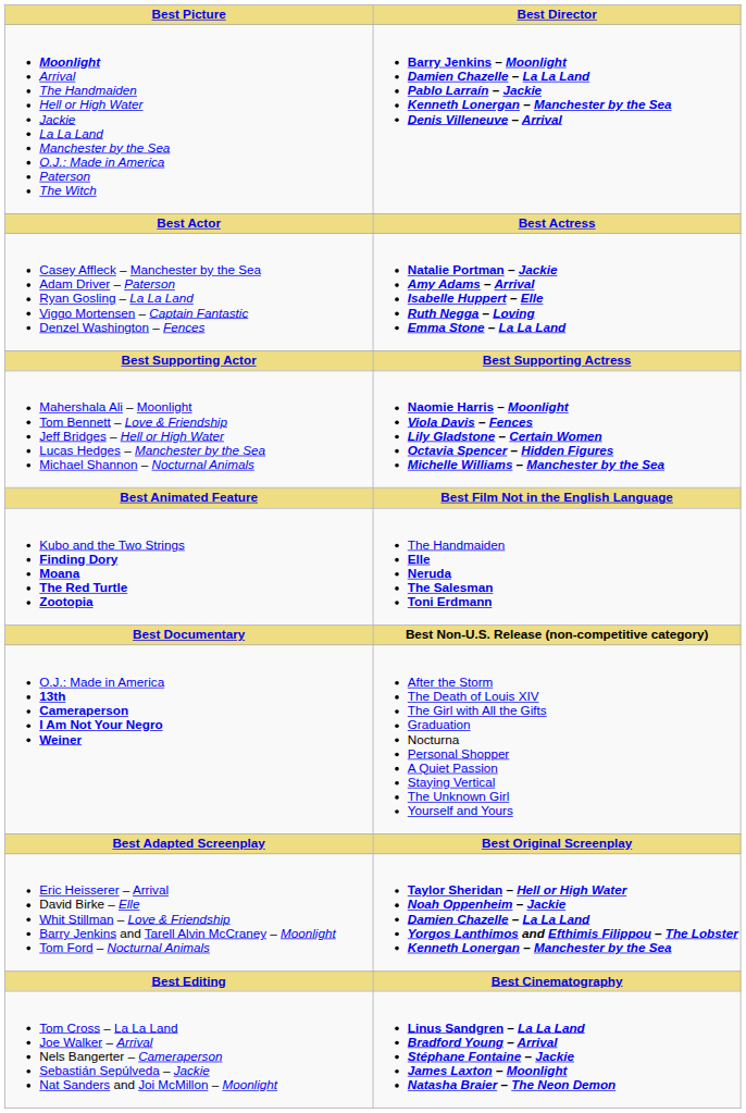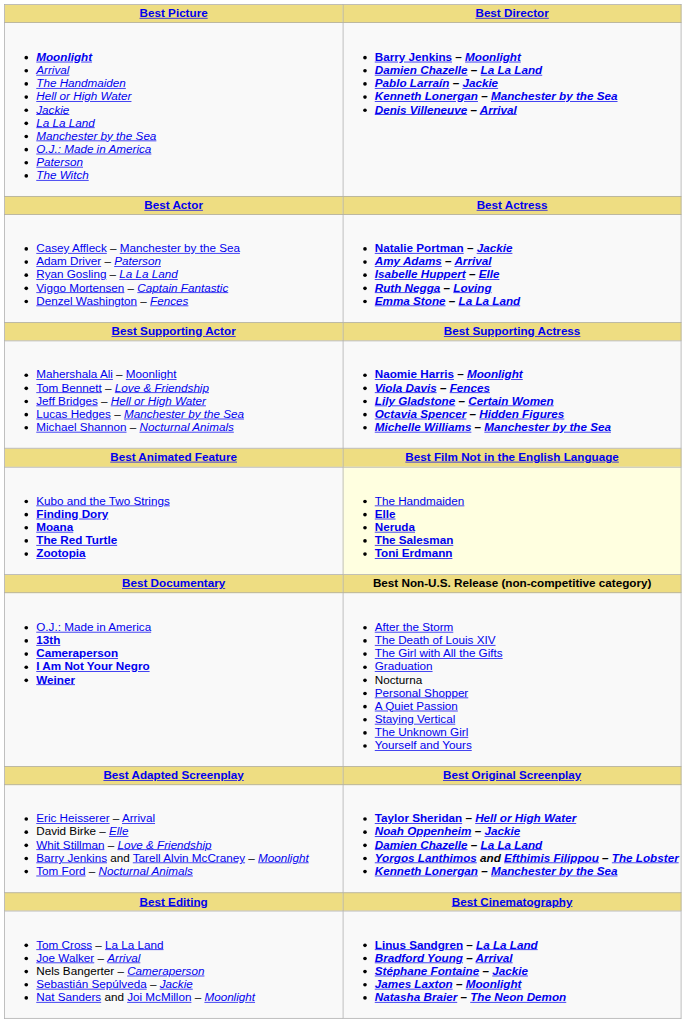 <table class="wikitable">
 <tr>
 <th style="background:#EEDD82; width: 50%"><a href='#'>Best Picture</a></th>
 <th style="background:#EEDD82; width: 50%"><a href='#'>Best Director</a></th>
 </tr>
 <tr>
 <td valign="top"><br><ul><li><strong><em><a href='#'>Moonlight</a></em></strong></li><li><em><a href='#'>Arrival</a></em></li><li><em><a href='#'>The Handmaiden</a></em></li><li><em><a href='#'>Hell or High Water</a></em></li><li><em><a href='#'>Jackie</a></em></li><li><em><a href='#'>La La Land</a></em></li><li><em><a href='#'>Manchester by the Sea</a></em></li><li><em><a href='#'>O.J.: Made in America</a></em></li><li><em><a href='#'>Paterson</a></em></li><li><em><a href='#'>The Witch</a></em></li></ul></td>
 <td valign="top"><br><ul><li><strong><a href='#'>Barry Jenkins</a> – <em><a href='#'>Moonlight</a><strong><em></li><li><a href='#'>Damien Chazelle</a> – </em><a href='#'>La La Land</a><em></li><li><a href='#'>Pablo Larraín</a> – </em><a href='#'>Jackie</a><em></li><li><a href='#'>Kenneth Lonergan</a> – </em><a href='#'>Manchester by the Sea</a><em></li><li><a href='#'>Denis Villeneuve</a> – </em><a href='#'>Arrival</a><em></li></ul></td>
 </tr>
 <tr>
 <th style="background:#EEDD82; width: 50%"><a href='#'>Best Actor</a></th>
 <th style="background:#EEDD82; width: 50%"><a href='#'>Best Actress</a></th>
 </tr>
 <tr>
 <td valign="top"><br><ul><li></strong><a href='#'>Casey Affleck</a> – </em><a href='#'>Manchester by the Sea</a></em></strong></li><li><a href='#'>Adam Driver</a> – <em><a href='#'>Paterson</a></em></li><li><a href='#'>Ryan Gosling</a> – <em><a href='#'>La La Land</a></em></li><li><a href='#'>Viggo Mortensen</a> – <em><a href='#'>Captain Fantastic</a></em></li><li><a href='#'>Denzel Washington</a> – <em><a href='#'>Fences</a></em></li></ul></td>
 <td valign="top"><br><ul><li><strong><a href='#'>Natalie Portman</a> – <em><a href='#'>Jackie</a><strong><em></li><li><a href='#'>Amy Adams</a> – </em><a href='#'>Arrival</a><em></li><li><a href='#'>Isabelle Huppert</a> – </em><a href='#'>Elle</a><em></li><li><a href='#'>Ruth Negga</a> – </em><a href='#'>Loving</a><em></li><li><a href='#'>Emma Stone</a> – </em><a href='#'>La La Land</a><em></li></ul></td>
 </tr>
 <tr>
 <th style="background:#EEDD82; width: 50%"><a href='#'>Best Supporting Actor</a></th>
 <th style="background:#EEDD82; width: 50%"><a href='#'>Best Supporting Actress</a></th>
 </tr>
 <tr>
 <td valign="top"><br><ul><li></strong><a href='#'>Mahershala Ali</a> – </em><a href='#'>Moonlight</a></em></strong></li><li><a href='#'>Tom Bennett</a> – <em><a href='#'>Love & Friendship</a></em></li><li><a href='#'>Jeff Bridges</a> – <em><a href='#'>Hell or High Water</a></em></li><li><a href='#'>Lucas Hedges</a> – <em><a href='#'>Manchester by the Sea</a></em></li><li><a href='#'>Michael Shannon</a> – <em><a href='#'>Nocturnal Animals</a></em></li></ul></td>
 <td valign="top"><br><ul><li><strong><a href='#'>Naomie Harris</a> – <em><a href='#'>Moonlight</a><strong><em></li><li><a href='#'>Viola Davis</a> – </em><a href='#'>Fences</a><em></li><li><a href='#'>Lily Gladstone</a> – </em><a href='#'>Certain Women</a><em></li><li><a href='#'>Octavia Spencer</a> – </em><a href='#'>Hidden Figures</a><em></li><li><a href='#'>Michelle Williams</a> – </em><a href='#'>Manchester by the Sea</a><em></li></ul></td>
 </tr>
 <tr>
 <th style="background:#EEDD82; width: 50%"><a href='#'>Best Animated Feature</a></th>
 <th style="background:#EEDD82; width: 50%"><a href='#'>Best Film Not in the English Language</a></th>
 </tr>
 <tr>
 <td valign="top"><br><ul><li></em></strong><a href='#'>Kubo and the Two Strings</a><strong><em></li><li></em><a href='#'>Finding Dory</a><em></li><li></em><a href='#'>Moana</a><em></li><li></em><a href='#'>The Red Turtle</a><em></li><li></em><a href='#'>Zootopia</a><em></li></ul></td>
-<td valign="top"><br><ul><li></em></strong><a href='#'>The Handmaiden</a><strong><em></li><li></em><a href='#'>Elle</a><em></li><li></em><a href='#'>Neruda</a><em></li><li></em><a href='#'>The Salesman</a><em></li><li></em><a href='#'>Toni Erdmann</a><em></li></ul></td>
+<td valign="top" style="background: lightyellow;"><br><ul><li></em></strong><a href='#'>The Handmaiden</a><strong><em></li><li></em><a href='#'>Elle</a><em></li><li></em><a href='#'>Neruda</a><em></li><li></em><a href='#'>The Salesman</a><em></li><li></em><a href='#'>Toni Erdmann</a><em></li></ul></td>
 </tr>
 <tr>
 <th style="background:#EEDD82; width: 50%"><a href='#'>Best Documentary</a></th>
 <th style="background:#EEDD82; width: 50%">Best Non-U.S. Release (non-competitive category)</th>
 </tr>
 <tr>
 <td valign="top"><br><ul><li></em></strong><a href='#'>O.J.: Made in America</a><strong><em></li><li></em><a href='#'>13th</a><em></li><li></em><a href='#'>Cameraperson</a><em></li><li></em><a href='#'>I Am Not Your Negro</a><em></li><li></em><a href='#'>Weiner</a><em></li></ul></td>
 <td valign="top"><br><ul><li></em><a href='#'>After the Storm</a><em></li><li></em><a href='#'>The Death of Louis XIV</a><em></li><li></em><a href='#'>The Girl with All the Gifts</a><em></li><li></em><a href='#'>Graduation</a><em></li><li></em>Nocturna<em></li><li></em><a href='#'>Personal Shopper</a><em></li><li></em><a href='#'>A Quiet Passion</a><em></li><li></em><a href='#'>Staying Vertical</a><em></li><li></em><a href='#'>The Unknown Girl</a><em></li><li></em><a href='#'>Yourself and Yours</a><em></li></ul></td>
 </tr>
 <tr>
 <th style="background:#EEDD82; width: 50%"><a href='#'>Best Adapted Screenplay</a></th>
 <th style="background:#EEDD82; width: 50%"><a href='#'>Best Original Screenplay</a></th>
 </tr>
 <tr>
 <td valign="top"><br><ul><li></strong><a href='#'>Eric Heisserer</a> – </em><a href='#'>Arrival</a></em></strong></li><li>David Birke – <em><a href='#'>Elle</a></em></li><li><a href='#'>Whit Stillman</a> – <em><a href='#'>Love & Friendship</a></em></li><li><a href='#'>Barry Jenkins</a> and <a href='#'>Tarell Alvin McCraney</a> – <em><a href='#'>Moonlight</a></em></li><li><a href='#'>Tom Ford</a> – <em><a href='#'>Nocturnal Animals</a></em></li></ul></td>
 <td valign="top"><br><ul><li><strong><a href='#'>Taylor Sheridan</a> – <em><a href='#'>Hell or High Water</a><strong><em></li><li><a href='#'>Noah Oppenheim</a> – </em><a href='#'>Jackie</a><em></li><li><a href='#'>Damien Chazelle</a> – </em><a href='#'>La La Land</a><em></li><li><a href='#'>Yorgos Lanthimos</a> and <a href='#'>Efthimis Filippou</a> – </em><a href='#'>The Lobster</a><em></li><li><a href='#'>Kenneth Lonergan</a> – </em><a href='#'>Manchester by the Sea</a><em></li></ul></td>
 </tr>
 <tr>
 <th style="background:#EEDD82; width: 50%"><a href='#'>Best Editing</a></th>
 <th style="background:#EEDD82; width: 50%"><a href='#'>Best Cinematography</a></th>
 </tr>
 <tr>
 <td valign="top"><br><ul><li></strong><a href='#'>Tom Cross</a> – </em><a href='#'>La La Land</a></em></strong></li><li><a href='#'>Joe Walker</a> – <em><a href='#'>Arrival</a></em></li><li>Nels Bangerter – <em><a href='#'>Cameraperson</a></em></li><li><a href='#'>Sebastián Sepúlveda</a> – <em><a href='#'>Jackie</a></em></li><li><a href='#'>Nat Sanders</a> and <a href='#'>Joi McMillon</a> – <em><a href='#'>Moonlight</a></em></li></ul></td>
 <td valign="top"><br><ul><li><strong><a href='#'>Linus Sandgren</a> – <em><a href='#'>La La Land</a><strong><em></li><li><a href='#'>Bradford Young</a> – </em><a href='#'>Arrival</a><em></li><li><a href='#'>Stéphane Fontaine</a> – </em><a href='#'>Jackie</a><em></li><li><a href='#'>James Laxton</a> – </em><a href='#'>Moonlight</a><em></li><li><a href='#'>Natasha Braier</a> – </em><a href='#'>The Neon Demon</a><em></li></ul></td>
 </tr>
 </table>
